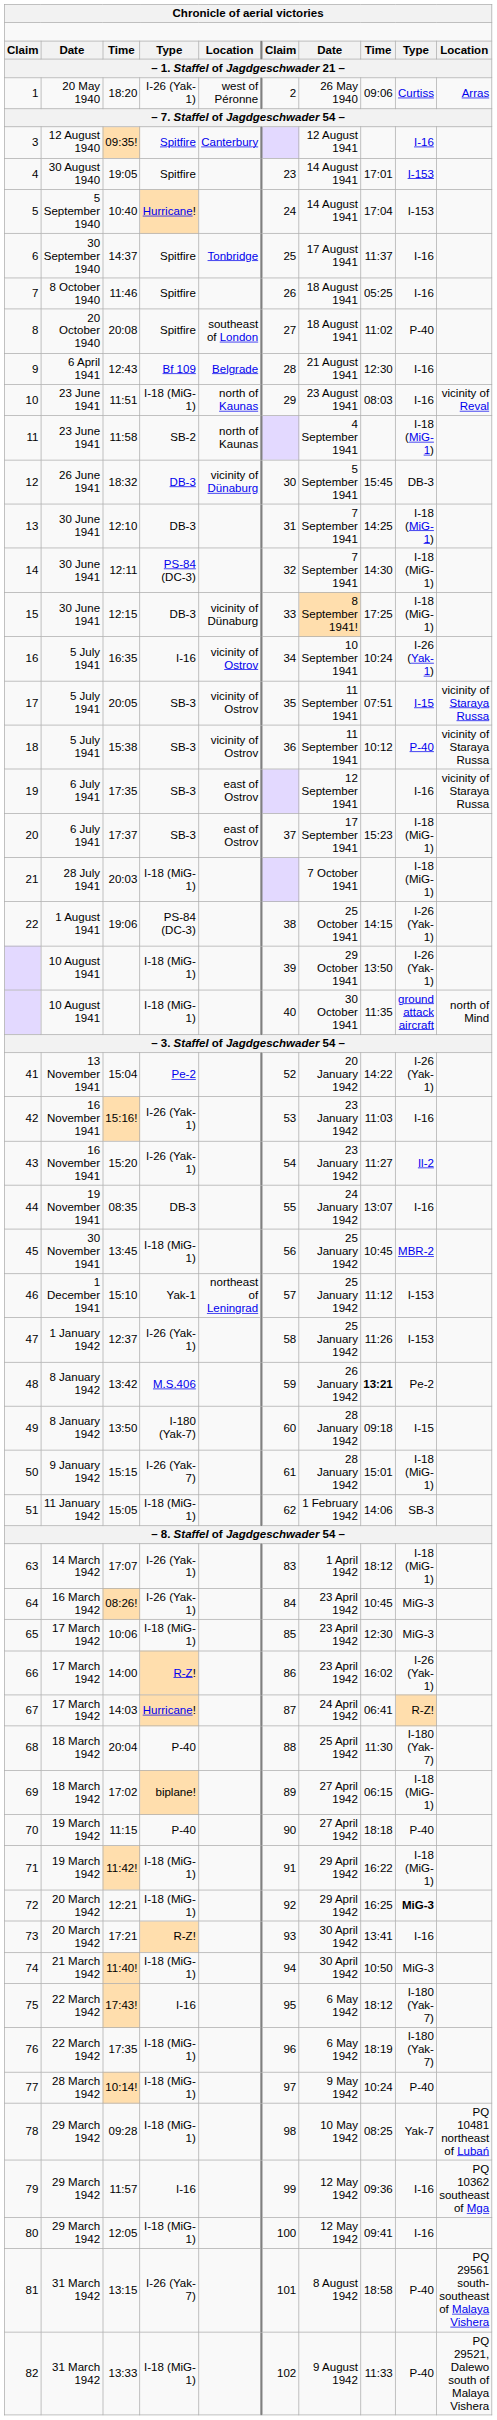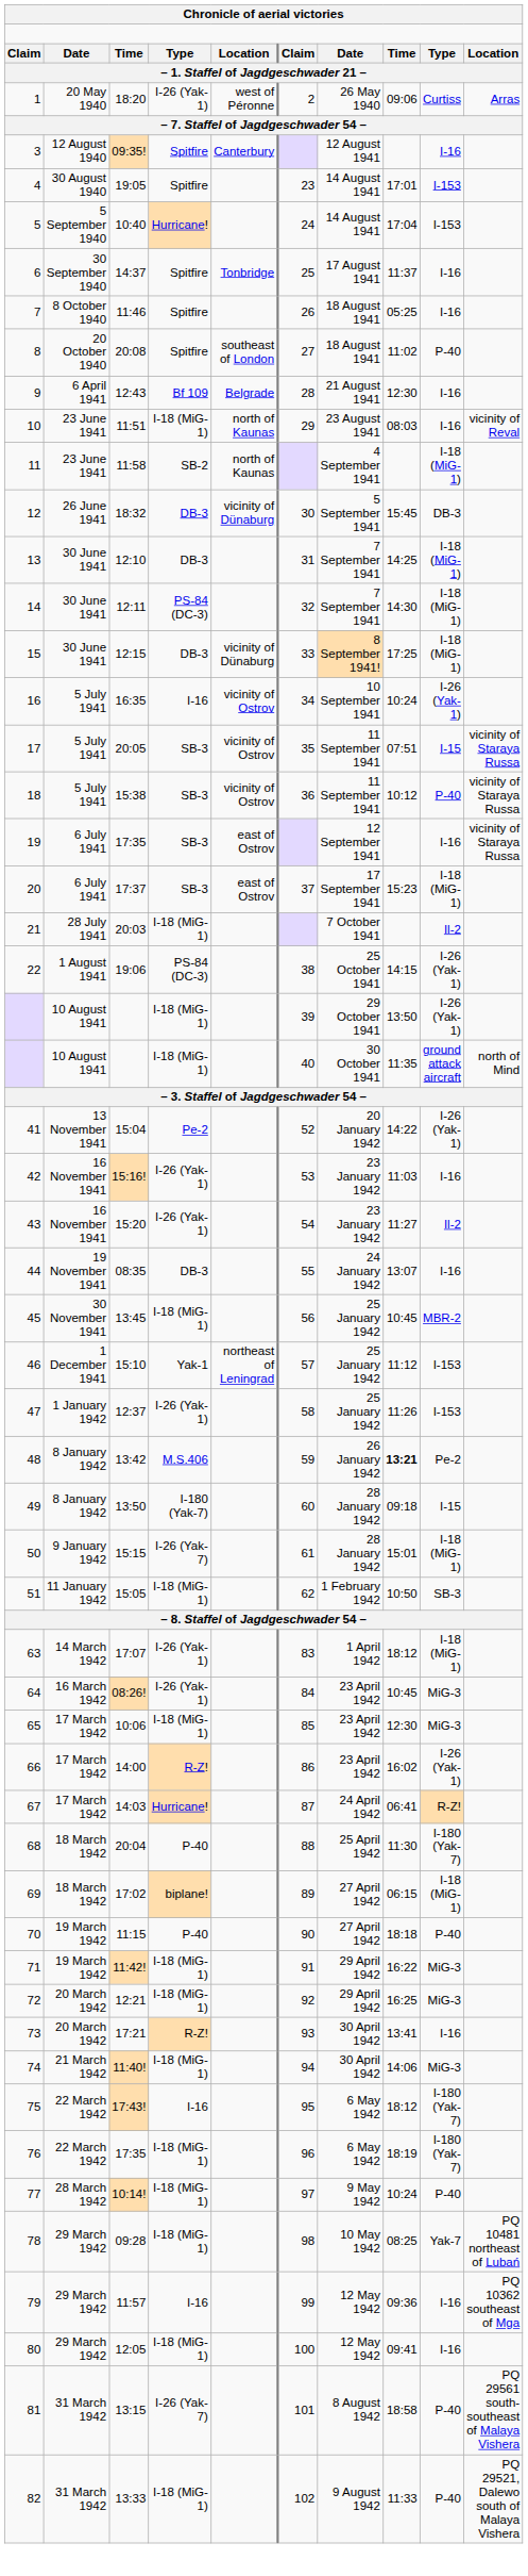 <table class="wikitable plainrowheaders collapsible" style="margin-left: auto; margin-right: auto; border: none; text-align:right; width: 100%;">
 <tr>
 <th colspan="10">Chronicle of aerial victories</th>
 </tr>
 <tr>
 <td colspan="10" style="text-align: left;"><br> </td>
 </tr>
 <tr>
 <th scope="col">Claim</th>
 <th scope="col">Date</th>
 <th scope="col">Time</th>
 <th scope="col" width="100px">Type</th>
 <th scope="col">Location</th>
 <th scope="col" style="border-left: 3px solid grey;">Claim</th>
 <th scope="col">Date</th>
 <th scope="col">Time</th>
 <th scope="col" width="100px">Type</th>
 <th scope="col">Location</th>
 </tr>
 <tr>
 <th colspan="10">– 1. <em>Staffel</em> of <em>Jagdgeschwader</em> 21 –</th>
 </tr>
 <tr>
 <td>1</td>
 <td>20 May 1940</td>
 <td>18:20</td>
 <td>I-26 (Yak-1)</td>
 <td>west of Péronne</td>
 <td style="border-left: 3px solid grey;">2</td>
 <td>26 May 1940</td>
 <td>09:06</td>
 <td><a href='#'>Curtiss</a></td>
 <td><a href='#'>Arras</a></td>
 </tr>
 <tr>
 <th colspan="10">– 7. <em>Staffel</em> of <em>Jagdgeschwader</em> 54 –</th>
 </tr>
 <tr>
 <td>3</td>
 <td>12 August 1940</td>
 <td style="background:#ffdead">09:35!</td>
 <td><a href='#'>Spitfire</a></td>
 <td><a href='#'>Canterbury</a></td>
 <td style="border-left: 3px solid grey; background:#e3d9ff;"></td>
 <td>12 August 1941</td>
 <td></td>
 <td><a href='#'>I-16</a></td>
 <td></td>
 </tr>
 <tr>
 <td>4</td>
 <td>30 August 1940</td>
 <td>19:05</td>
 <td>Spitfire</td>
 <td></td>
 <td style="border-left: 3px solid grey;">23</td>
 <td>14 August 1941</td>
 <td>17:01</td>
 <td><a href='#'>I-153</a></td>
 <td></td>
 </tr>
 <tr>
 <td>5</td>
 <td>5 September 1940</td>
 <td>10:40</td>
 <td style="background:#ffdead"><a href='#'>Hurricane</a>!</td>
 <td></td>
 <td style="border-left: 3px solid grey;">24</td>
 <td>14 August 1941</td>
 <td>17:04</td>
 <td>I-153</td>
 <td></td>
 </tr>
 <tr>
 <td>6</td>
 <td>30 September 1940</td>
 <td>14:37</td>
 <td>Spitfire</td>
 <td><a href='#'>Tonbridge</a></td>
 <td style="border-left: 3px solid grey;">25</td>
 <td>17 August 1941</td>
 <td>11:37</td>
 <td>I-16</td>
 <td></td>
 </tr>
 <tr>
 <td>7</td>
 <td>8 October 1940</td>
 <td>11:46</td>
 <td>Spitfire</td>
 <td></td>
 <td style="border-left: 3px solid grey;">26</td>
 <td>18 August 1941</td>
 <td>05:25</td>
 <td>I-16</td>
 <td></td>
 </tr>
 <tr>
 <td>8</td>
 <td>20 October 1940</td>
 <td>20:08</td>
 <td>Spitfire</td>
 <td>southeast of <a href='#'>London</a></td>
 <td style="border-left: 3px solid grey;">27</td>
 <td>18 August 1941</td>
 <td>11:02</td>
 <td>P-40</td>
 <td></td>
 </tr>
 <tr>
 <td>9</td>
 <td>6 April 1941</td>
 <td>12:43</td>
 <td><a href='#'>Bf 109</a></td>
 <td><a href='#'>Belgrade</a></td>
 <td style="border-left: 3px solid grey;">28</td>
 <td>21 August 1941</td>
 <td>12:30</td>
 <td>I-16</td>
 <td></td>
 </tr>
 <tr>
 <td>10</td>
 <td>23 June 1941</td>
 <td>11:51</td>
 <td>I-18 (MiG-1)</td>
 <td>north of <a href='#'>Kaunas</a></td>
 <td style="border-left: 3px solid grey;">29</td>
 <td>23 August 1941</td>
 <td>08:03</td>
 <td>I-16</td>
 <td>vicinity of <a href='#'>Reval</a></td>
 </tr>
 <tr>
 <td>11</td>
 <td>23 June 1941</td>
 <td>11:58</td>
 <td>SB-2</td>
 <td>north of Kaunas</td>
 <td style="border-left: 3px solid grey; background:#e3d9ff;"></td>
 <td>4 September 1941</td>
 <td></td>
 <td>I-18 (<a href='#'>MiG-1</a>)</td>
 <td></td>
 </tr>
 <tr>
 <td>12</td>
 <td>26 June 1941</td>
 <td>18:32</td>
 <td><a href='#'>DB-3</a></td>
 <td>vicinity of <a href='#'>Dünaburg</a></td>
 <td style="border-left: 3px solid grey;">30</td>
 <td>5 September 1941</td>
 <td>15:45</td>
 <td>DB-3</td>
 <td></td>
 </tr>
 <tr>
 <td>13</td>
 <td>30 June 1941</td>
 <td>12:10</td>
 <td>DB-3</td>
 <td></td>
 <td style="border-left: 3px solid grey;">31</td>
 <td>7 September 1941</td>
 <td>14:25</td>
 <td>I-18 (<a href='#'>MiG-1</a>)</td>
 <td></td>
 </tr>
 <tr>
 <td>14</td>
 <td>30 June 1941</td>
 <td>12:11</td>
 <td><a href='#'>PS-84</a> (DC-3)</td>
 <td></td>
 <td style="border-left: 3px solid grey;">32</td>
 <td>7 September 1941</td>
 <td>14:30</td>
 <td>I-18 (MiG-1)</td>
 <td></td>
 </tr>
 <tr>
 <td>15</td>
 <td>30 June 1941</td>
 <td>12:15</td>
 <td>DB-3</td>
 <td>vicinity of Dünaburg</td>
 <td style="border-left: 3px solid grey;">33</td>
 <td style="background:#ffdead">8 September 1941!</td>
 <td>17:25</td>
 <td>I-18 (MiG-1)</td>
 <td></td>
 </tr>
 <tr>
 <td>16</td>
 <td>5 July 1941</td>
 <td>16:35</td>
 <td>I-16</td>
 <td>vicinity of <a href='#'>Ostrov</a></td>
 <td style="border-left: 3px solid grey;">34</td>
 <td>10 September 1941</td>
 <td>10:24</td>
 <td>I-26 (<a href='#'>Yak-1</a>)</td>
 <td></td>
 </tr>
 <tr>
 <td>17</td>
 <td>5 July 1941</td>
 <td>20:05</td>
 <td>SB-3</td>
 <td>vicinity of Ostrov</td>
 <td style="border-left: 3px solid grey;">35</td>
 <td>11 September 1941</td>
 <td>07:51</td>
 <td><a href='#'>I-15</a></td>
 <td>vicinity of <a href='#'>Staraya Russa</a></td>
 </tr>
 <tr>
 <td>18</td>
 <td>5 July 1941</td>
 <td>15:38</td>
 <td>SB-3</td>
 <td>vicinity of Ostrov</td>
 <td style="border-left: 3px solid grey;">36</td>
 <td>11 September 1941</td>
 <td>10:12</td>
 <td><a href='#'>P-40</a></td>
 <td>vicinity of Staraya Russa</td>
 </tr>
 <tr>
 <td>19</td>
 <td>6 July 1941</td>
 <td>17:35</td>
 <td>SB-3</td>
 <td>east of Ostrov</td>
 <td style="border-left: 3px solid grey; background:#e3d9ff;"></td>
 <td>12 September 1941</td>
 <td></td>
 <td>I-16</td>
 <td>vicinity of Staraya Russa</td>
 </tr>
 <tr>
 <td>20</td>
 <td>6 July 1941</td>
 <td>17:37</td>
 <td>SB-3</td>
 <td>east of Ostrov</td>
 <td style="border-left: 3px solid grey;">37</td>
 <td>17 September 1941</td>
 <td>15:23</td>
 <td>I-18 (MiG-1)</td>
 <td></td>
 </tr>
 <tr>
 <td>21</td>
 <td>28 July 1941</td>
 <td>20:03</td>
 <td>I-18 (MiG-1)</td>
 <td></td>
 <td style="border-left: 3px solid grey; background:#e3d9ff;"></td>
 <td>7 October 1941</td>
 <td></td>
-<td>I-18 (MiG-1)</td>
+<td><a href='#'>Il-2</a></td>
 <td></td>
 </tr>
 <tr>
 <td>22</td>
 <td>1 August 1941</td>
 <td>19:06</td>
 <td>PS-84 (DC-3)</td>
 <td></td>
 <td style="border-left: 3px solid grey;">38</td>
 <td>25 October 1941</td>
 <td>14:15</td>
 <td>I-26 (Yak-1)</td>
 <td></td>
 </tr>
 <tr>
 <td style="background:#e3d9ff;"></td>
 <td>10 August 1941</td>
 <td></td>
 <td>I-18 (MiG-1)</td>
 <td></td>
 <td style="border-left: 3px solid grey;">39</td>
 <td>29 October 1941</td>
 <td>13:50</td>
 <td>I-26 (Yak-1)</td>
 <td></td>
 </tr>
 <tr>
 <td style="background:#e3d9ff;"></td>
 <td>10 August 1941</td>
 <td></td>
 <td>I-18 (MiG-1)</td>
 <td></td>
 <td style="border-left: 3px solid grey;">40</td>
 <td>30 October 1941</td>
 <td>11:35</td>
 <td><a href='#'>ground attack aircraft</a></td>
 <td>north of Mind</td>
 </tr>
 <tr>
 <th colspan="10">– 3. <em>Staffel</em> of <em>Jagdgeschwader</em> 54 –</th>
 </tr>
 <tr>
 <td>41</td>
 <td>13 November 1941</td>
 <td>15:04</td>
 <td><a href='#'>Pe-2</a></td>
 <td></td>
 <td style="border-left: 3px solid grey;">52</td>
 <td>20 January 1942</td>
 <td>14:22</td>
 <td>I-26 (Yak-1)</td>
 <td></td>
 </tr>
 <tr>
 <td>42</td>
 <td>16 November 1941</td>
 <td style="background:#ffdead">15:16!</td>
 <td>I-26 (Yak-1)</td>
 <td></td>
 <td style="border-left: 3px solid grey;">53</td>
 <td>23 January 1942</td>
 <td>11:03</td>
 <td>I-16</td>
 <td></td>
 </tr>
 <tr>
 <td>43</td>
 <td>16 November 1941</td>
 <td>15:20</td>
 <td>I-26 (Yak-1)</td>
 <td></td>
 <td style="border-left: 3px solid grey;">54</td>
 <td>23 January 1942</td>
 <td>11:27</td>
 <td><a href='#'>Il-2</a></td>
 <td></td>
 </tr>
 <tr>
 <td>44</td>
 <td>19 November 1941</td>
 <td>08:35</td>
 <td>DB-3</td>
 <td></td>
 <td style="border-left: 3px solid grey;">55</td>
 <td>24 January 1942</td>
 <td>13:07</td>
 <td>I-16</td>
 <td></td>
 </tr>
 <tr>
 <td>45</td>
 <td>30 November 1941</td>
 <td>13:45</td>
 <td>I-18 (MiG-1)</td>
 <td></td>
 <td style="border-left: 3px solid grey;">56</td>
 <td>25 January 1942</td>
 <td>10:45</td>
 <td><a href='#'>MBR-2</a></td>
 <td></td>
 </tr>
 <tr>
 <td>46</td>
 <td>1 December 1941</td>
 <td>15:10</td>
 <td>Yak-1</td>
 <td> northeast of <a href='#'>Leningrad</a></td>
 <td style="border-left: 3px solid grey;">57</td>
 <td>25 January 1942</td>
 <td>11:12</td>
 <td>I-153</td>
 <td></td>
 </tr>
 <tr>
 <td>47</td>
 <td>1 January 1942</td>
 <td>12:37</td>
 <td>I-26 (Yak-1)</td>
 <td></td>
 <td style="border-left: 3px solid grey;">58</td>
 <td>25 January 1942</td>
 <td>11:26</td>
 <td>I-153</td>
 <td></td>
 </tr>
 <tr>
 <td>48</td>
 <td>8 January 1942</td>
 <td>13:42</td>
 <td><a href='#'>M.S.406</a></td>
 <td></td>
 <td style="border-left: 3px solid grey;">59</td>
 <td>26 January 1942</td>
 <td><strong>13:21</strong></td>
 <td>Pe-2</td>
 <td></td>
 </tr>
 <tr>
 <td>49</td>
 <td>8 January 1942</td>
 <td>13:50</td>
 <td>I-180 (Yak-7)</td>
 <td></td>
 <td style="border-left: 3px solid grey;">60</td>
 <td>28 January 1942</td>
 <td>09:18</td>
 <td>I-15</td>
 <td></td>
 </tr>
 <tr>
 <td>50</td>
 <td>9 January 1942</td>
 <td>15:15</td>
 <td>I-26 (Yak-7)</td>
 <td></td>
 <td style="border-left: 3px solid grey;">61</td>
 <td>28 January 1942</td>
 <td>15:01</td>
 <td>I-18 (MiG-1)</td>
 <td></td>
 </tr>
 <tr>
 <td>51</td>
 <td>11 January 1942</td>
 <td>15:05</td>
 <td>I-18 (MiG-1)</td>
 <td></td>
 <td style="border-left: 3px solid grey;">62</td>
 <td>1 February 1942</td>
-<td>14:06</td>
+<td>10:50</td>
 <td>SB-3</td>
 <td></td>
 </tr>
 <tr>
 <th colspan="10">– 8. <em>Staffel</em> of <em>Jagdgeschwader</em> 54 –</th>
 </tr>
 <tr>
 <td>63</td>
 <td>14 March 1942</td>
 <td>17:07</td>
 <td>I-26 (Yak-1)</td>
 <td></td>
 <td style="border-left: 3px solid grey;">83</td>
 <td>1 April 1942</td>
 <td>18:12</td>
 <td>I-18 (MiG-1)</td>
 <td></td>
 </tr>
 <tr>
 <td>64</td>
 <td>16 March 1942</td>
 <td style="background:#ffdead">08:26!</td>
 <td>I-26 (Yak-1)</td>
 <td></td>
 <td style="border-left: 3px solid grey;">84</td>
 <td>23 April 1942</td>
 <td>10:45</td>
 <td>MiG-3</td>
 <td></td>
 </tr>
 <tr>
 <td>65</td>
 <td>17 March 1942</td>
 <td>10:06</td>
 <td>I-18 (MiG-1)</td>
 <td></td>
 <td style="border-left: 3px solid grey;">85</td>
 <td>23 April 1942</td>
 <td>12:30</td>
 <td>MiG-3</td>
 <td></td>
 </tr>
 <tr>
 <td>66</td>
 <td>17 March 1942</td>
 <td>14:00</td>
 <td style="background:#ffdead"><a href='#'>R-Z</a>!</td>
 <td></td>
 <td style="border-left: 3px solid grey;">86</td>
 <td>23 April 1942</td>
 <td>16:02</td>
 <td>I-26 (Yak-1)</td>
 <td></td>
 </tr>
 <tr>
 <td>67</td>
 <td>17 March 1942</td>
 <td>14:03</td>
 <td style="background:#ffdead"><a href='#'>Hurricane</a>!</td>
 <td></td>
 <td style="border-left: 3px solid grey;">87</td>
 <td>24 April 1942</td>
 <td>06:41</td>
 <td style="background:#ffdead">R-Z!</td>
 <td></td>
 </tr>
 <tr>
 <td>68</td>
 <td>18 March 1942</td>
 <td>20:04</td>
 <td>P-40</td>
 <td></td>
 <td style="border-left: 3px solid grey;">88</td>
 <td>25 April 1942</td>
 <td>11:30</td>
 <td>I-180 (Yak-7)</td>
 <td></td>
 </tr>
 <tr>
 <td>69</td>
 <td>18 March 1942</td>
 <td>17:02</td>
 <td style="background:#ffdead">biplane!</td>
 <td></td>
 <td style="border-left: 3px solid grey;">89</td>
 <td>27 April 1942</td>
 <td>06:15</td>
 <td>I-18 (MiG-1)</td>
 <td></td>
 </tr>
 <tr>
 <td>70</td>
 <td>19 March 1942</td>
 <td>11:15</td>
 <td>P-40</td>
 <td></td>
 <td style="border-left: 3px solid grey;">90</td>
 <td>27 April 1942</td>
 <td>18:18</td>
 <td>P-40</td>
 <td></td>
 </tr>
 <tr>
 <td>71</td>
 <td>19 March 1942</td>
 <td style="background:#ffdead">11:42!</td>
 <td>I-18 (MiG-1)</td>
 <td></td>
 <td style="border-left: 3px solid grey;">91</td>
 <td>29 April 1942</td>
 <td>16:22</td>
-<td>I-18 (MiG-1)</td>
+<td>MiG-3</td>
 <td></td>
 </tr>
 <tr>
 <td>72</td>
 <td>20 March 1942</td>
 <td>12:21</td>
 <td>I-18 (MiG-1)</td>
 <td></td>
 <td style="border-left: 3px solid grey;">92</td>
 <td>29 April 1942</td>
 <td>16:25</td>
-<td><strong>MiG-3</strong></td>
+<td>MiG-3</td>
 <td></td>
 </tr>
 <tr>
 <td>73</td>
 <td>20 March 1942</td>
 <td>17:21</td>
 <td style="background:#ffdead">R-Z!</td>
 <td></td>
 <td style="border-left: 3px solid grey;">93</td>
 <td>30 April 1942</td>
 <td>13:41</td>
 <td>I-16</td>
 <td></td>
 </tr>
 <tr>
 <td>74</td>
 <td>21 March 1942</td>
 <td style="background:#ffdead">11:40!</td>
 <td>I-18 (MiG-1)</td>
 <td></td>
 <td style="border-left: 3px solid grey;">94</td>
 <td>30 April 1942</td>
-<td>10:50</td>
+<td>14:06</td>
 <td>MiG-3</td>
 <td></td>
 </tr>
 <tr>
 <td>75</td>
 <td>22 March 1942</td>
 <td style="background:#ffdead">17:43!</td>
 <td>I-16</td>
 <td></td>
 <td style="border-left: 3px solid grey;">95</td>
 <td>6 May 1942</td>
 <td>18:12</td>
 <td>I-180 (Yak-7)</td>
 <td></td>
 </tr>
 <tr>
 <td>76</td>
 <td>22 March 1942</td>
 <td>17:35</td>
 <td>I-18 (MiG-1)</td>
 <td></td>
 <td style="border-left: 3px solid grey;">96</td>
 <td>6 May 1942</td>
 <td>18:19</td>
 <td>I-180 (Yak-7)</td>
 <td></td>
 </tr>
 <tr>
 <td>77</td>
 <td>28 March 1942</td>
 <td style="background:#ffdead">10:14!</td>
 <td>I-18 (MiG-1)</td>
 <td></td>
 <td style="border-left: 3px solid grey;">97</td>
 <td>9 May 1942</td>
 <td>10:24</td>
 <td>P-40</td>
 <td></td>
 </tr>
 <tr>
 <td>78</td>
 <td>29 March 1942</td>
 <td>09:28</td>
 <td>I-18 (MiG-1)</td>
 <td></td>
 <td style="border-left: 3px solid grey;">98</td>
 <td>10 May 1942</td>
 <td>08:25</td>
 <td>Yak-7</td>
 <td>PQ 10481<br> northeast of <a href='#'>Lubań</a></td>
 </tr>
 <tr>
 <td>79</td>
 <td>29 March 1942</td>
 <td>11:57</td>
 <td>I-16</td>
 <td></td>
 <td style="border-left: 3px solid grey;">99</td>
 <td>12 May 1942</td>
 <td>09:36</td>
 <td>I-16</td>
 <td>PQ 10362<br> southeast of <a href='#'>Mga</a></td>
 </tr>
 <tr>
 <td>80</td>
 <td>29 March 1942</td>
 <td>12:05</td>
 <td>I-18 (MiG-1)</td>
 <td></td>
 <td style="border-left: 3px solid grey;">100</td>
 <td>12 May 1942</td>
 <td>09:41</td>
 <td>I-16</td>
 <td></td>
 </tr>
 <tr>
 <td>81</td>
 <td>31 March 1942</td>
 <td>13:15</td>
 <td>I-26 (Yak-7)</td>
 <td></td>
 <td style="border-left: 3px solid grey;">101</td>
 <td>8 August 1942</td>
 <td>18:58</td>
 <td>P-40</td>
 <td>PQ 29561<br> south-southeast of <a href='#'>Malaya Vishera</a></td>
 </tr>
 <tr>
 <td>82</td>
 <td>31 March 1942</td>
 <td>13:33</td>
 <td>I-18 (MiG-1)</td>
 <td></td>
 <td style="border-left: 3px solid grey;">102</td>
 <td>9 August 1942</td>
 <td>11:33</td>
 <td>P-40</td>
 <td>PQ 29521, Dalewo<br> south of Malaya Vishera</td>
 </tr>
 </table>
